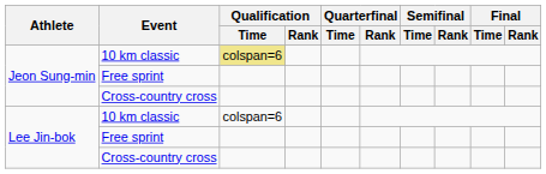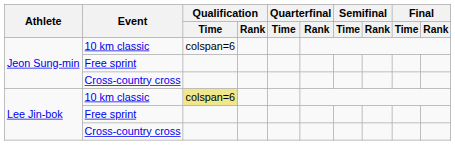 <table class="wikitable" style="font-size:90%">
 <tr>
 <th rowspan="2">Athlete</th>
 <th rowspan="2">Event</th>
 <th colspan="2">Qualification</th>
 <th colspan="2">Quarterfinal</th>
 <th colspan="2">Semifinal</th>
 <th colspan="2">Final</th>
 </tr>
 <tr style="font-size:95%">
 <th>Time</th>
 <th>Rank</th>
 <th>Time</th>
 <th>Rank</th>
 <th>Time</th>
 <th>Rank</th>
 <th>Time</th>
 <th>Rank</th>
 </tr>
 <tr align=center>
 <td align=left rowspan=3><a href='#'>Jeon Sung-min</a></td>
 <td align=left><a href='#'>10 km classic</a></td>
-<td style="background: khaki;">colspan=6 </td>
+<td>colspan=6 </td>
 <td></td>
 <td></td>
 </tr>
 <tr align=center>
 <td align=left><a href='#'>Free sprint</a></td>
 <td></td>
 <td></td>
 <td></td>
 <td></td>
 <td></td>
 <td></td>
 <td></td>
 <td></td>
 </tr>
 <tr align=center>
 <td align=left><a href='#'>Cross-country cross</a></td>
 <td></td>
 <td></td>
 <td></td>
 <td></td>
 <td></td>
 <td></td>
 <td></td>
 <td></td>
 </tr>
 <tr align=center>
 <td align=left rowspan=3><a href='#'>Lee Jin-bok</a></td>
 <td align=left><a href='#'>10 km classic</a></td>
-<td>colspan=6 </td>
+<td style="background: khaki;">colspan=6 </td>
 <td></td>
 <td></td>
 </tr>
 <tr align=center>
 <td align=left><a href='#'>Free sprint</a></td>
 <td></td>
 <td></td>
 <td></td>
 <td></td>
 <td></td>
 <td></td>
 <td></td>
 <td></td>
 </tr>
 <tr align=center>
 <td align=left><a href='#'>Cross-country cross</a></td>
 <td></td>
 <td></td>
 <td></td>
 <td></td>
 <td></td>
 <td></td>
 <td></td>
 <td></td>
 </tr>
 </table>
